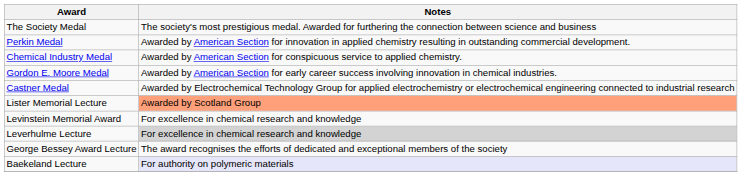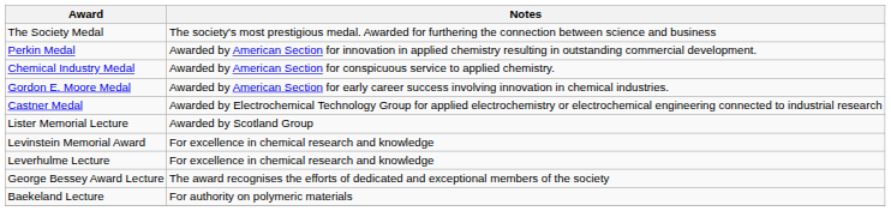 <table class="wikitable sortable">
 <tr>
 <th>Award</th>
 <th>Notes</th>
 </tr>
 <tr>
 <td>The Society Medal</td>
 <td>The society's most prestigious medal. Awarded for furthering the connection between science and business</td>
 </tr>
 <tr>
 <td><a href='#'>Perkin Medal</a></td>
 <td>Awarded by <a href='#'>American Section</a> for innovation in applied chemistry resulting in outstanding commercial development.</td>
 </tr>
 <tr>
 <td><a href='#'>Chemical Industry Medal</a></td>
 <td>Awarded by <a href='#'>American Section</a> for conspicuous service to applied chemistry.</td>
 </tr>
 <tr>
 <td><a href='#'> Gordon E. Moore Medal</a></td>
 <td>Awarded by <a href='#'>American Section</a> for early career success involving innovation in chemical industries.</td>
 </tr>
 <tr>
 <td><a href='#'>Castner Medal</a></td>
 <td>Awarded by Electrochemical Technology Group for applied electrochemistry or electrochemical engineering connected to industrial research</td>
 </tr>
 <tr>
 <td>Lister Memorial Lecture</td>
-<td style="background: lightsalmon;">Awarded by Scotland Group</td>
+<td>Awarded by Scotland Group</td>
 </tr>
 <tr>
 <td>Levinstein Memorial Award</td>
 <td>For excellence in chemical research and knowledge</td>
 </tr>
 <tr>
 <td>Leverhulme Lecture</td>
-<td style="background: lightgrey;">For excellence in chemical research and knowledge</td>
+<td>For excellence in chemical research and knowledge</td>
 </tr>
 <tr>
 <td>George Bessey Award Lecture</td>
 <td>The award recognises the efforts of dedicated and exceptional members of the society</td>
 </tr>
 <tr>
 <td>Baekeland Lecture</td>
-<td style="background: lavender;">For authority on polymeric materials</td>
+<td>For authority on polymeric materials</td>
 </tr>
 <tr>
 </tr>
 </table>
